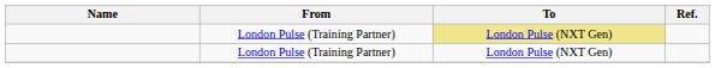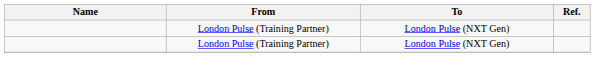 <table class="wikitable sortable alternance" style="text-align:center">
 <tr>
 <th style="width:250px;">Name</th>
 <th style="width:300px;">From</th>
 <th style="width:300px;">To</th>
 <th style="width:50px;">Ref.</th>
 </tr>
 <tr>
 <td> </td>
 <td> <a href='#'>London Pulse</a> (Training Partner)</td>
-<td style="background: khaki;"> <a href='#'>London Pulse</a> (NXT Gen)</td>
+<td> <a href='#'>London Pulse</a> (NXT Gen)</td>
 <td></td>
 </tr>
 <tr>
 <td> </td>
 <td> <a href='#'>London Pulse</a> (Training Partner)</td>
 <td> <a href='#'>London Pulse</a> (NXT Gen)</td>
 <td></td>
 </tr>
 <tr>
 </tr>
 </table>
